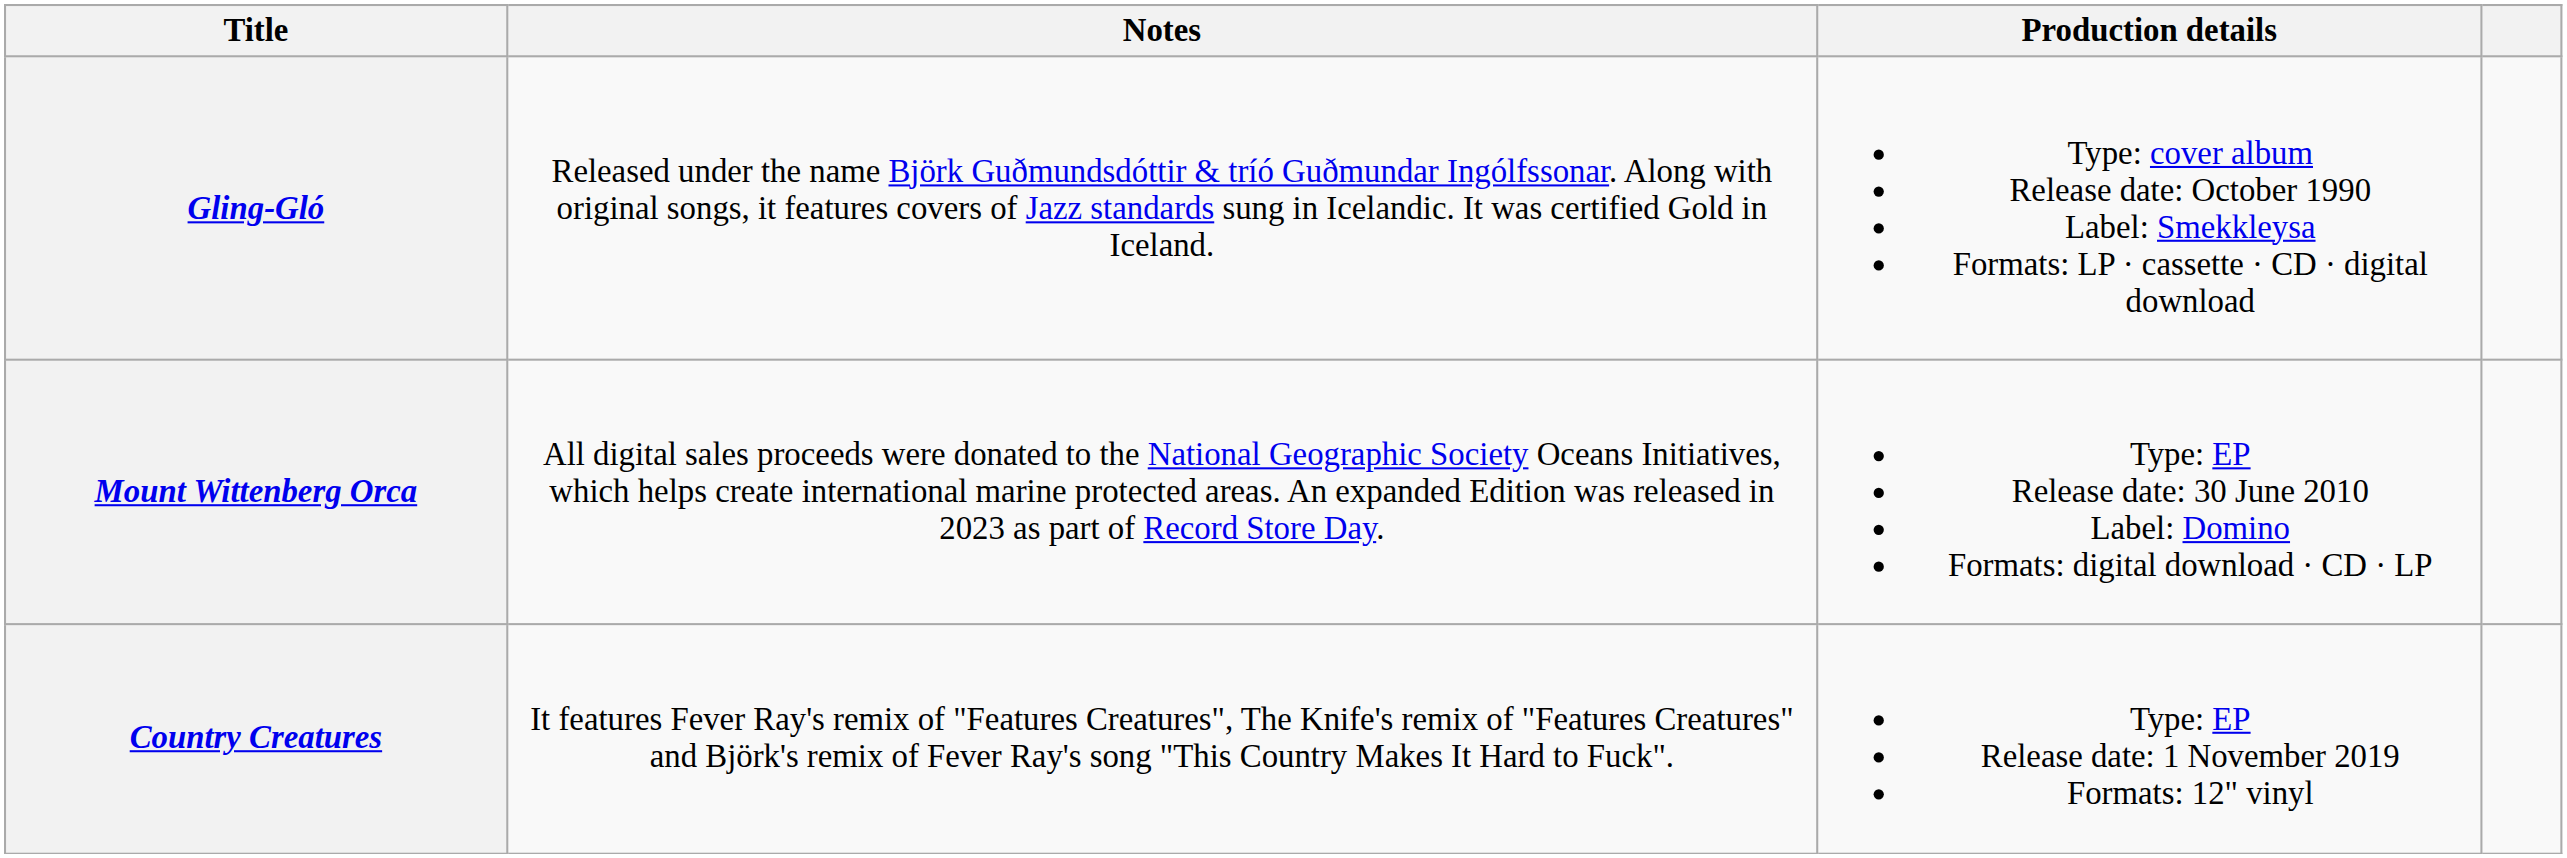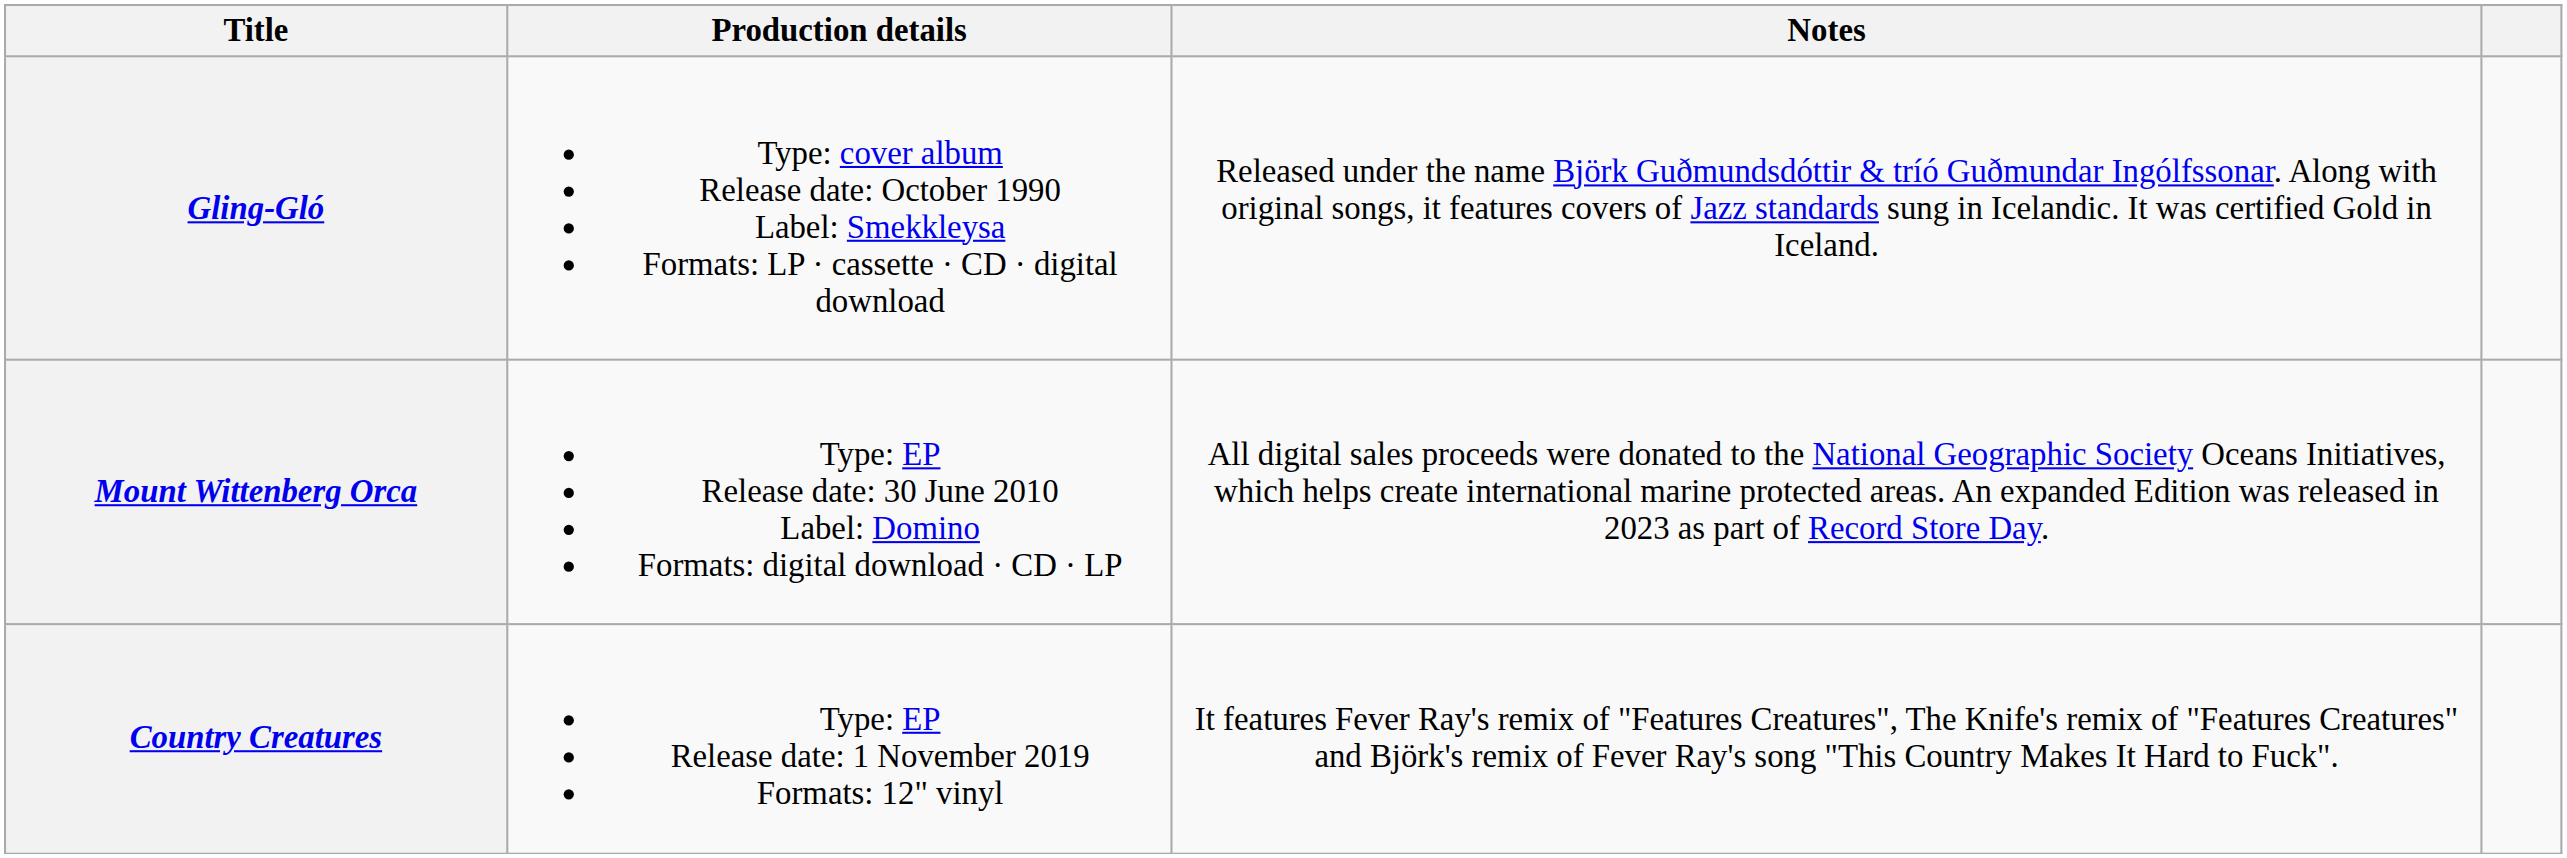 <table class="wikitable plainrowheaders" style="text-align:center;">
 <tr>
 <th scope="col" style="width:15em;">Title</th>
+<th scope="col" style="width:20em;" class="unsortable">Production details</th>
 <th scope="col" style="width:40em;" class="unsortable">Notes</th>
-<th scope="col" style="width:20em;" class="unsortable">Production details</th>
 <th scope="col" style="width:2em;" class="unsortable"></th>
 </tr>
 <tr>
 <th scope="row"><em><a href='#'>Gling-Gló</a></em><br></th>
+<td><br><ul><li>Type: <a href='#'>cover album</a></li><li>Release date: October 1990</li><li>Label: <a href='#'>Smekkleysa</a></li><li>Formats: LP · cassette · CD · digital download</li></ul></td>
 <td>Released under the name <a href='#'>Björk Guðmundsdóttir & tríó Guðmundar Ingólfssonar</a>. Along with original songs, it features covers of <a href='#'>Jazz standards</a> sung in Icelandic. It was certified Gold in Iceland.</td>
-<td><br><ul><li>Type: <a href='#'>cover album</a></li><li>Release date: October 1990</li><li>Label: <a href='#'>Smekkleysa</a></li><li>Formats: LP · cassette · CD · digital download</li></ul></td>
 <td></td>
 </tr>
 <tr>
 <th scope="row"><em><a href='#'>Mount Wittenberg Orca</a></em><br></th>
+<td><br><ul><li>Type: <a href='#'>EP</a></li><li>Release date: 30 June 2010</li><li>Label: <a href='#'>Domino</a></li><li>Formats: digital download · CD · LP</li></ul></td>
 <td>All digital sales proceeds were donated to the <a href='#'>National Geographic Society</a> Oceans Initiatives, which helps create international marine protected areas. An expanded Edition was released in 2023 as part of <a href='#'>Record Store Day</a>.</td>
-<td><br><ul><li>Type: <a href='#'>EP</a></li><li>Release date: 30 June 2010</li><li>Label: <a href='#'>Domino</a></li><li>Formats: digital download · CD · LP</li></ul></td>
 <td></td>
 </tr>
 <tr>
 <th scope="row"><em><a href='#'>Country Creatures</a></em><br></th>
+<td><br><ul><li>Type: <a href='#'>EP</a></li><li>Release date: 1 November 2019</li><li>Formats: 12" vinyl</li></ul></td>
 <td>It features Fever Ray's remix of "Features Creatures", The Knife's remix of "Features Creatures" and Björk's remix of Fever Ray's song "This Country Makes It Hard to Fuck".</td>
-<td><br><ul><li>Type: <a href='#'>EP</a></li><li>Release date: 1 November 2019</li><li>Formats: 12" vinyl</li></ul></td>
 <td></td>
 </tr>
 </table>
